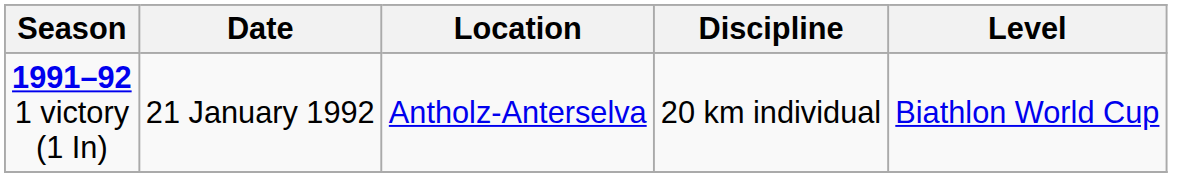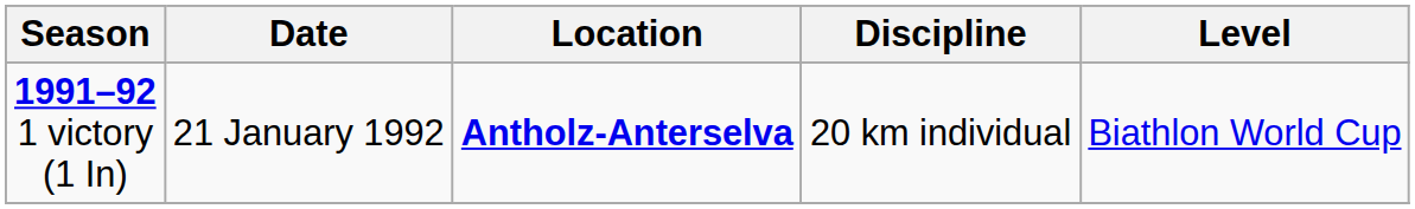 <table class="wikitable">
 <tr>
 <th>Season</th>
 <th>Date</th>
 <th>Location</th>
 <th>Discipline</th>
 <th>Level</th>
 </tr>
 <tr>
 <td rowspan="1" style="text-align:center;"><strong><a href='#'>1991–92</a></strong> <br> 1 victory <br> (1 In)</td>
 <td>21 January 1992</td>
-<td> <a href='#'>Antholz-Anterselva</a></td>
+<td><strong> <a href='#'>Antholz-Anterselva</a></strong></td>
 <td>20 km individual</td>
 <td><a href='#'>Biathlon World Cup</a></td>
 </tr>
 <tr>
 </tr>
 </table>
